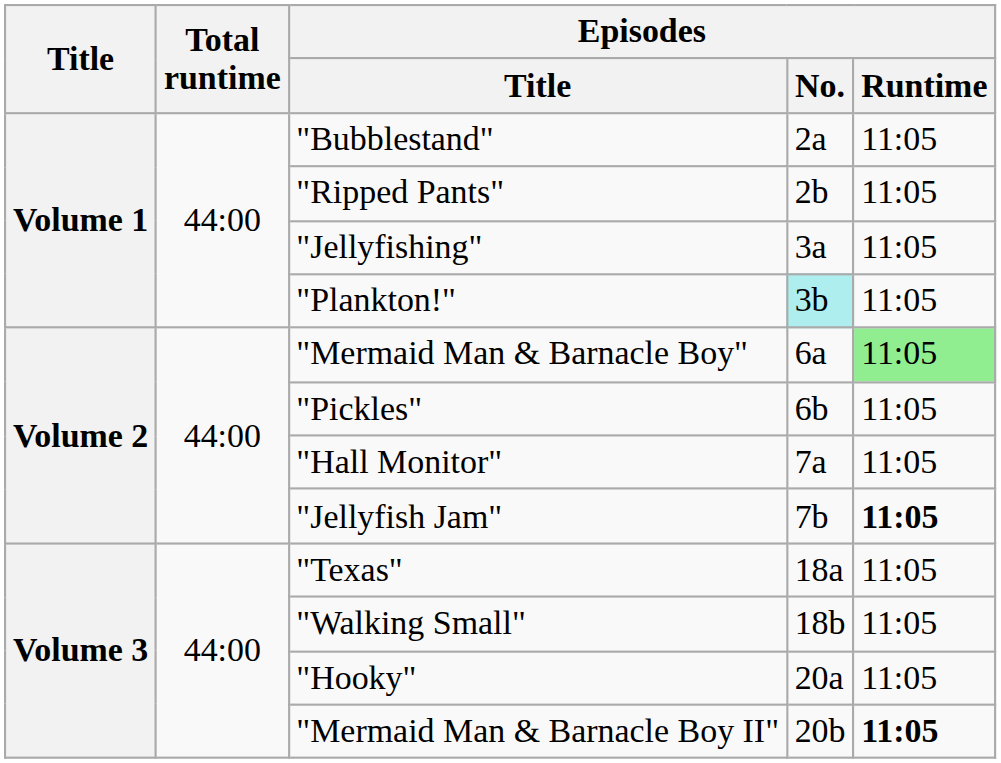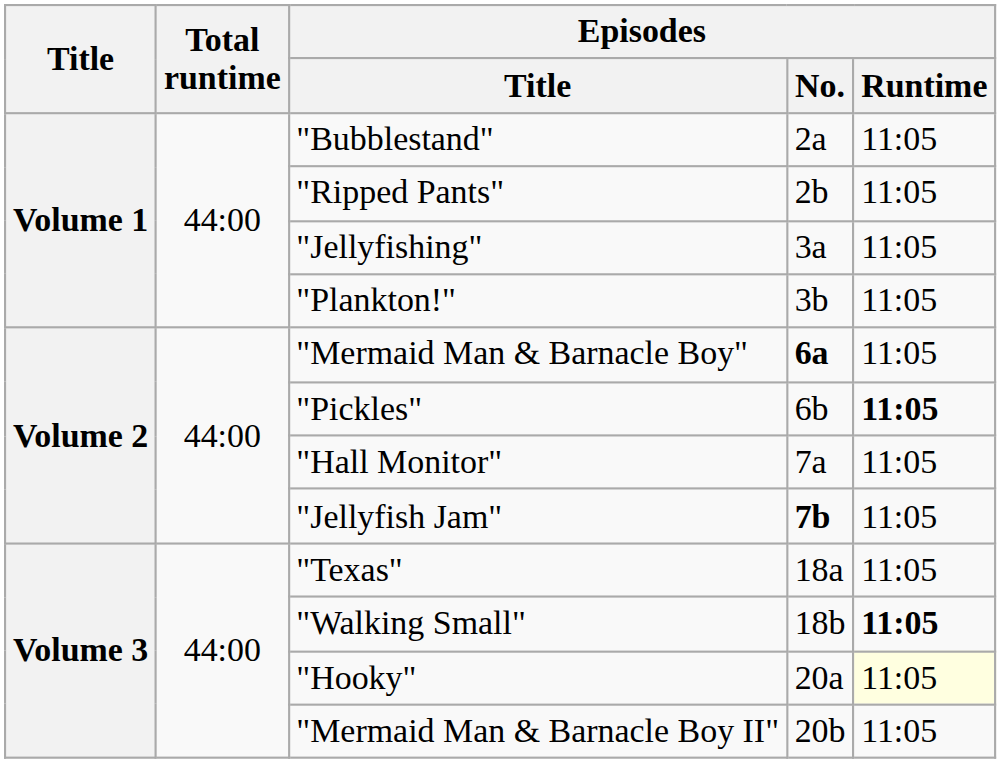 <table class="wikitable">
 <tr>
 <th rowspan="2">Title</th>
 <th rowspan="2">Total<br>runtime</th>
 <th colspan="3">Episodes</th>
 </tr>
 <tr>
 <th>Title</th>
 <th>No.</th>
 <th>Runtime</th>
 </tr>
 <tr>
 <th rowspan="4">Volume 1</th>
 <td rowspan="4" style="text-align: center;">44:00</td>
 <td>"Bubblestand"</td>
 <td>2a</td>
 <td>11:05</td>
 </tr>
 <tr>
 <td>"Ripped Pants"</td>
 <td>2b</td>
 <td>11:05</td>
 </tr>
 <tr>
 <td>"Jellyfishing"</td>
 <td>3a</td>
 <td>11:05</td>
 </tr>
 <tr>
 <td>"Plankton!"</td>
-<td style="background: paleturquoise;">3b</td>
+<td>3b</td>
 <td>11:05</td>
 </tr>
 <tr>
 <th rowspan="4">Volume 2</th>
 <td rowspan="4" style="text-align: center;">44:00</td>
 <td>"Mermaid Man & Barnacle Boy"</td>
-<td>6a</td>
-<td style="background: lightgreen;">11:05</td>
+<td><strong>6a</strong></td>
+<td>11:05</td>
 </tr>
 <tr>
 <td>"Pickles"</td>
 <td>6b</td>
-<td>11:05</td>
+<td><strong>11:05</strong></td>
 </tr>
 <tr>
 <td>"Hall Monitor"</td>
 <td>7a</td>
 <td>11:05</td>
 </tr>
 <tr>
 <td>"Jellyfish Jam"</td>
-<td>7b</td>
-<td><strong>11:05</strong></td>
+<td><strong>7b</strong></td>
+<td>11:05</td>
 </tr>
 <tr>
 <th rowspan="4">Volume 3</th>
 <td rowspan="4" style="text-align: center;">44:00</td>
 <td>"Texas"</td>
 <td>18a</td>
 <td>11:05</td>
 </tr>
 <tr>
 <td>"Walking Small"</td>
 <td>18b</td>
-<td>11:05</td>
+<td><strong>11:05</strong></td>
 </tr>
 <tr>
 <td>"Hooky"</td>
 <td>20a</td>
-<td>11:05</td>
+<td style="background: lightyellow;">11:05</td>
 </tr>
 <tr>
 <td>"Mermaid Man & Barnacle Boy II"</td>
 <td>20b</td>
-<td><strong>11:05</strong></td>
+<td>11:05</td>
 </tr>
 </table>
